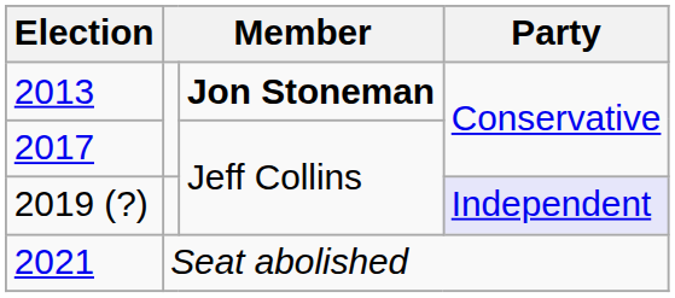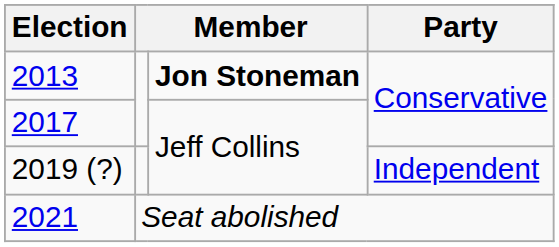 <table class="wikitable">
 <tr>
 <th>Election</th>
 <th colspan="2">Member</th>
 <th>Party</th>
 </tr>
 <tr>
 <td><a href='#'>2013</a></td>
 <td rowspan="2" style="background-color: "></td>
 <td rowspan="1"><strong>Jon Stoneman</strong></td>
 <td rowspan="2"><a href='#'>Conservative</a></td>
 </tr>
 <tr>
 <td><a href='#'>2017</a></td>
 <td rowspan="2">Jeff Collins</td>
 </tr>
 <tr>
 <td>2019 (?)</td>
 <td rowspan="1" style="background-color: "></td>
-<td rowspan="1" style="background: lavender;"><a href='#'>Independent</a></td>
+<td rowspan="1"><a href='#'>Independent</a></td>
 </tr>
 <tr>
 <td><a href='#'>2021</a></td>
 <td colspan="3"><em>Seat abolished</em></td>
 </tr>
 </table>
